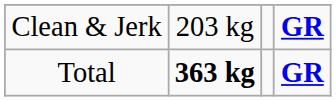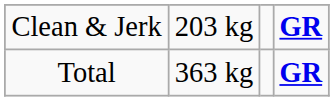 <table class = "wikitable" style="text-align:center;">
 <tr>
 <td>Clean & Jerk</td>
 <td>203 kg</td>
 <td align=left></td>
 <td><strong><a href='#'>GR</a></strong></td>
 </tr>
 <tr>
 <td>Total</td>
-<td><strong>363 kg</strong></td>
+<td>363 kg</td>
 <td align=left></td>
 <td><strong><a href='#'>GR</a></strong></td>
 </tr>
 </table>
